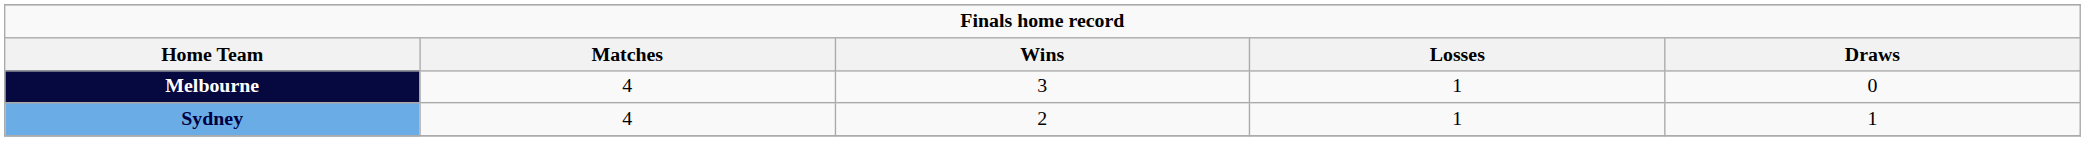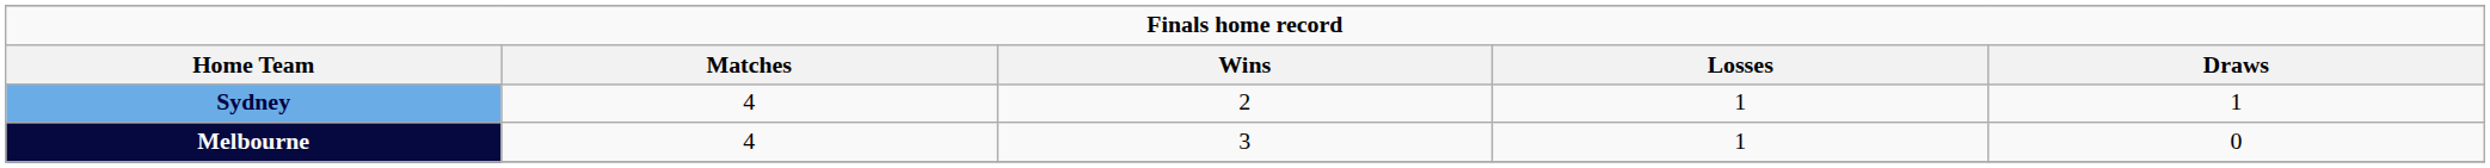 <table class="wikitable" style="font-size:90%; width:95%; text-align:center">
 <tr>
 </tr>
 <tr>
 <td colspan="5"><strong>Finals home record</strong></td>
 </tr>
 <tr>
 <th width=20%>Home Team</th>
 <th width=20%>Matches</th>
 <th width=20%>Wins</th>
 <th width=20%>Losses</th>
 <th width=20%>Draws</th>
 </tr>
 <tr>
+<td style="background:#6AACE6; text-align:center; color:#000042"><strong>Sydney</strong></td>
+<td>4</td>
+<td>2</td>
+<td>1</td>
+<td>1</td>
+</tr>
+<tr>
 <td style="background:#05093F;text-align:center; color:white;"><strong>Melbourne</strong></td>
 <td>4</td>
 <td>3</td>
 <td>1</td>
 <td>0</td>
 </tr>
 <tr>
-<td style="background:#6AACE6; text-align:center; color:#000042"><strong>Sydney</strong></td>
-<td>4</td>
-<td>2</td>
-<td>1</td>
-<td>1</td>
-</tr>
-<tr>
 </tr>
 </table>
